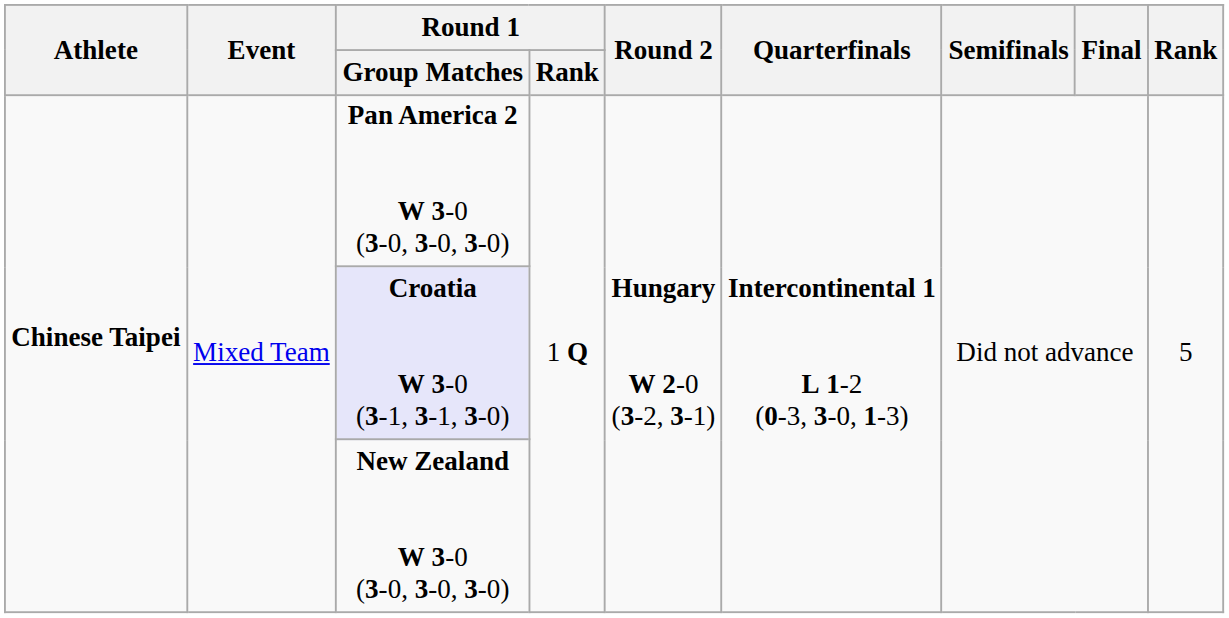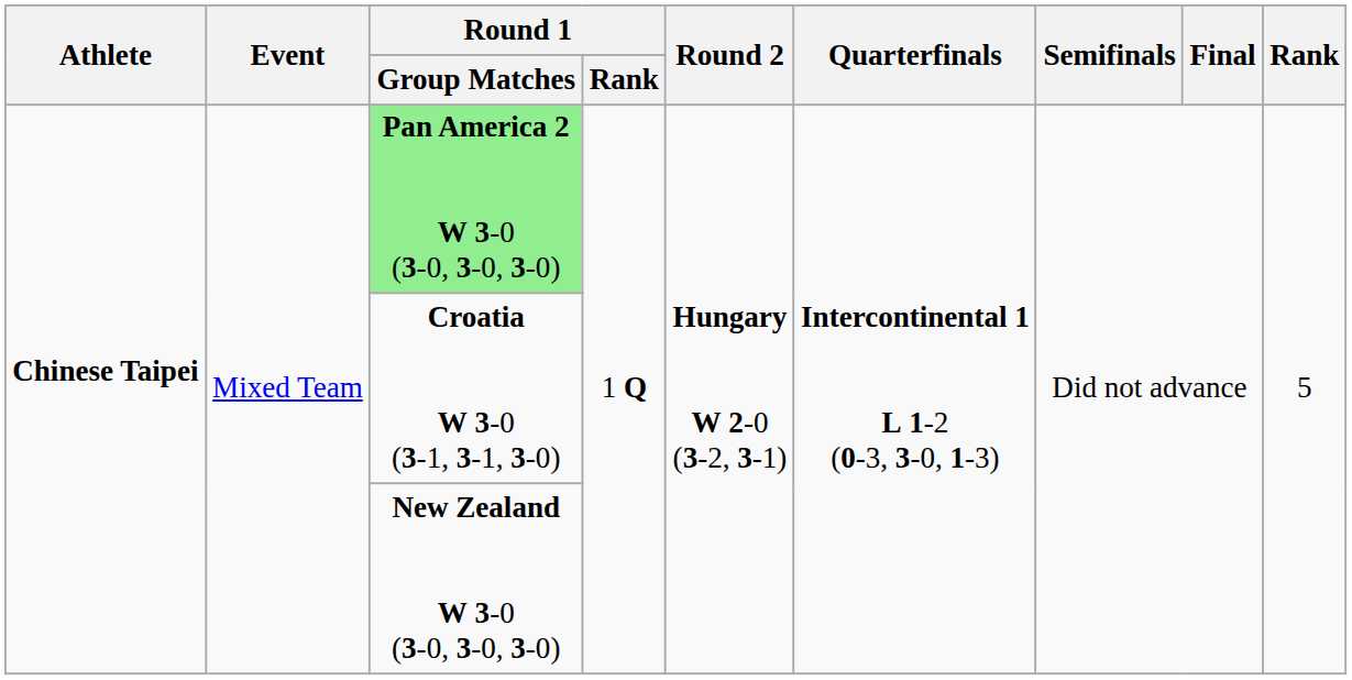 <table class="wikitable" border="1" style="font-size:90%">
 <tr>
 <th rowspan=2>Athlete</th>
 <th rowspan=2>Event</th>
 <th colspan=2>Round 1</th>
 <th rowspan=2>Round 2</th>
 <th rowspan=2>Quarterfinals</th>
 <th rowspan=2>Semifinals</th>
 <th rowspan=2>Final</th>
 <th rowspan=2>Rank</th>
 </tr>
 <tr>
 <th>Group Matches</th>
 <th>Rank</th>
 </tr>
 <tr>
 <td rowspan=3><strong>Chinese Taipei</strong><br><br></td>
 <td rowspan=3><a href='#'>Mixed Team</a></td>
-<td align=center><strong>Pan America 2</strong><br><br><br> <strong>W</strong> <strong>3</strong>-0 <br> (<strong>3</strong>-0, <strong>3</strong>-0, <strong>3</strong>-0)</td>
+<td align=center style="background: lightgreen;"><strong>Pan America 2</strong><br><br><br> <strong>W</strong> <strong>3</strong>-0 <br> (<strong>3</strong>-0, <strong>3</strong>-0, <strong>3</strong>-0)</td>
 <td rowspan=3 align=center>1 <strong>Q</strong></td>
 <td align=center rowspan=3><strong>Hungary</strong><br><br><br> <strong>W</strong> <strong>2</strong>-0 <br> (<strong>3</strong>-2, <strong>3</strong>-1)</td>
 <td align=center rowspan=3><strong>Intercontinental 1</strong><br><br><br> <strong>L</strong> <strong>1</strong>-2 <br> (<strong>0</strong>-3, <strong>3</strong>-0, <strong>1</strong>-3)</td>
 <td rowspan=3 colspan=2 align=center>Did not advance</td>
 <td rowspan=3 align=center>5</td>
 </tr>
 <tr>
-<td align=center style="background: lavender;"><strong>Croatia</strong><br><br><br> <strong>W</strong> <strong>3</strong>-0 <br> (<strong>3</strong>-1, <strong>3</strong>-1, <strong>3</strong>-0)</td>
+<td align=center><strong>Croatia</strong><br><br><br> <strong>W</strong> <strong>3</strong>-0 <br> (<strong>3</strong>-1, <strong>3</strong>-1, <strong>3</strong>-0)</td>
 </tr>
 <tr>
 <td align=center><strong>New Zealand</strong><br><br><br> <strong>W</strong> <strong>3</strong>-0 <br> (<strong>3</strong>-0, <strong>3</strong>-0, <strong>3</strong>-0)</td>
 </tr>
 </table>
